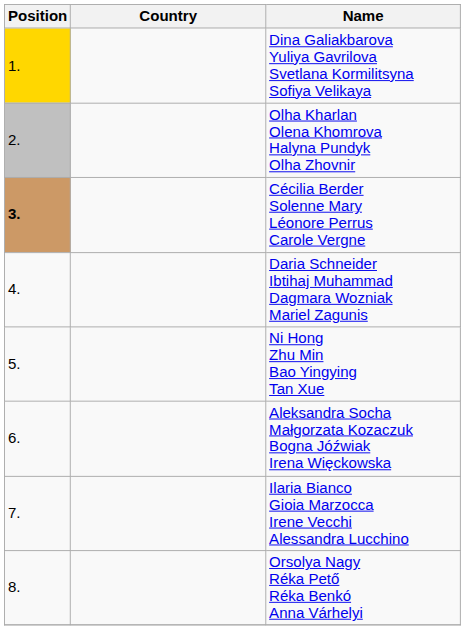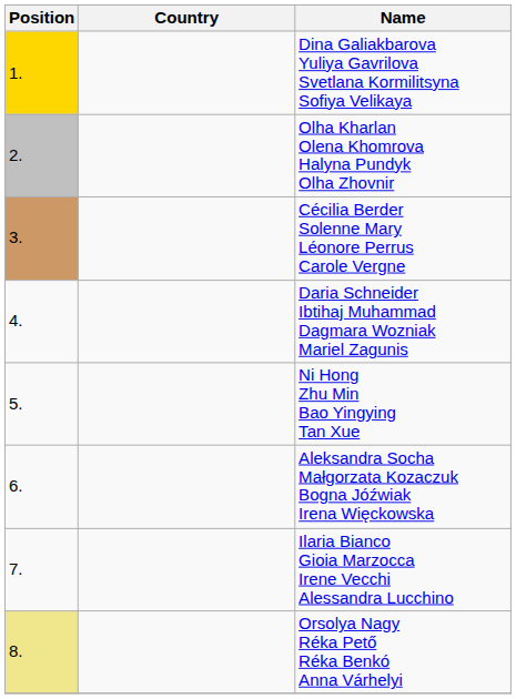 <table class="wikitable">
 <tr>
 <th width="10">Position</th>
 <th width="200">Country</th>
 <th width="200">Name</th>
 </tr>
 <tr>
 <td bgcolor="gold">1.</td>
 <td></td>
 <td><a href='#'>Dina Galiakbarova</a><br><a href='#'>Yuliya Gavrilova</a><br><a href='#'>Svetlana Kormilitsyna</a><br><a href='#'>Sofiya Velikaya</a></td>
 </tr>
 <tr>
 <td bgcolor="silver">2.</td>
 <td></td>
 <td><a href='#'>Olha Kharlan</a><br><a href='#'>Olena Khomrova</a><br><a href='#'>Halyna Pundyk</a><br><a href='#'>Olha Zhovnir</a></td>
 </tr>
 <tr>
-<td bgcolor="#CC9966"><strong>3.</strong></td>
+<td bgcolor="#CC9966">3.</td>
 <td></td>
 <td><a href='#'>Cécilia Berder</a><br><a href='#'>Solenne Mary</a><br><a href='#'>Léonore Perrus</a><br><a href='#'>Carole Vergne</a></td>
 </tr>
 <tr>
 <td>4.</td>
 <td></td>
 <td><a href='#'>Daria Schneider</a><br><a href='#'>Ibtihaj Muhammad</a><br><a href='#'>Dagmara Wozniak</a><br><a href='#'>Mariel Zagunis</a></td>
 </tr>
 <tr>
 <td>5.</td>
 <td></td>
 <td><a href='#'>Ni Hong</a><br><a href='#'>Zhu Min</a><br><a href='#'>Bao Yingying</a><br><a href='#'>Tan Xue</a></td>
 </tr>
 <tr>
 <td>6.</td>
 <td></td>
 <td><a href='#'>Aleksandra Socha</a><br><a href='#'>Małgorzata Kozaczuk</a><br><a href='#'>Bogna Jóźwiak</a><br><a href='#'>Irena Więckowska</a></td>
 </tr>
 <tr>
 <td>7.</td>
 <td></td>
 <td><a href='#'>Ilaria Bianco</a><br><a href='#'>Gioia Marzocca</a><br><a href='#'>Irene Vecchi</a><br><a href='#'>Alessandra Lucchino</a></td>
 </tr>
 <tr>
-<td>8.</td>
+<td style="background: khaki;">8.</td>
 <td></td>
 <td><a href='#'>Orsolya Nagy</a><br><a href='#'>Réka Pető</a><br><a href='#'>Réka Benkó</a><br><a href='#'>Anna Várhelyi</a></td>
 </tr>
 <tr>
 </tr>
 </table>
